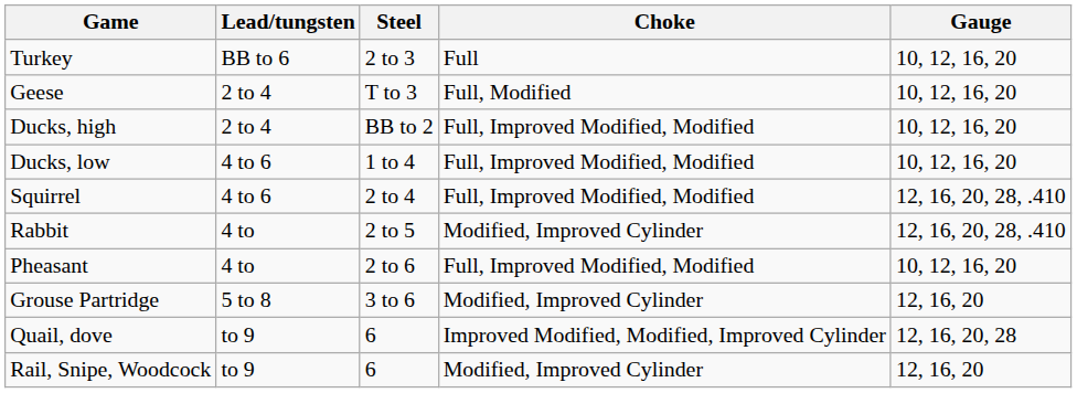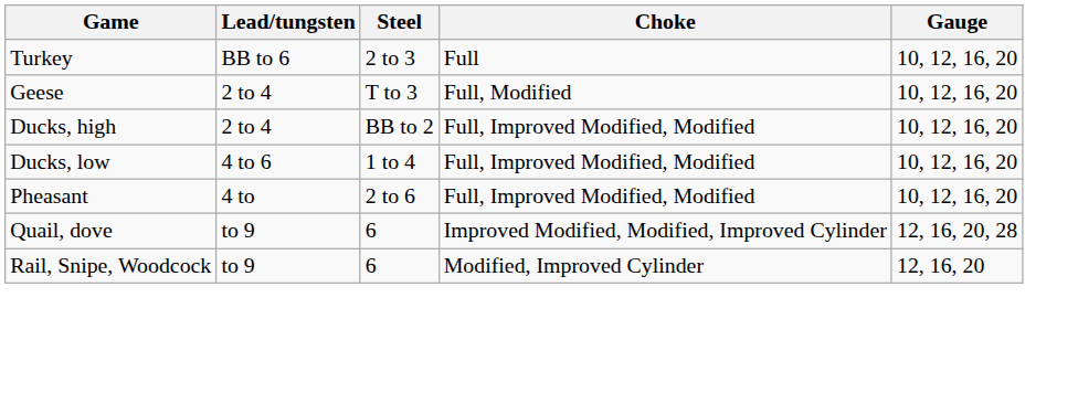 <table class="wikitable sortable">
 <tr>
 <th>Game</th>
 <th>Lead/tungsten</th>
 <th>Steel</th>
 <th>Choke</th>
 <th>Gauge</th>
 </tr>
 <tr>
 <td>Turkey</td>
 <td>BB to 6</td>
 <td>2 to 3</td>
 <td>Full</td>
 <td>10, 12, 16, 20</td>
 </tr>
 <tr>
 <td>Geese</td>
 <td>2 to 4</td>
 <td>T to 3</td>
 <td>Full, Modified</td>
 <td>10, 12, 16, 20</td>
 </tr>
 <tr>
 <td>Ducks, high</td>
 <td>2 to 4</td>
 <td>BB to 2</td>
 <td>Full, Improved Modified, Modified</td>
 <td>10, 12, 16, 20</td>
 </tr>
 <tr>
 <td>Ducks, low</td>
 <td>4 to 6</td>
 <td>1 to 4</td>
 <td>Full, Improved Modified, Modified</td>
 <td>10, 12, 16, 20</td>
 </tr>
 <tr>
-<td>Squirrel</td>
-<td>4 to 6</td>
-<td>2 to 4</td>
-<td>Full, Improved Modified, Modified</td>
-<td>12, 16, 20, 28, .410</td>
-</tr>
-<tr>
-<td>Rabbit</td>
-<td>4 to </td>
-<td>2 to 5</td>
-<td>Modified, Improved Cylinder</td>
-<td>12, 16, 20, 28, .410</td>
-</tr>
-<tr>
 <td>Pheasant</td>
 <td>4 to </td>
 <td>2 to 6</td>
 <td>Full, Improved Modified, Modified</td>
 <td>10, 12, 16, 20</td>
-</tr>
-<tr>
-<td>Grouse Partridge</td>
-<td>5 to 8</td>
-<td>3 to 6</td>
-<td>Modified, Improved Cylinder</td>
-<td>12, 16, 20</td>
 </tr>
 <tr>
 <td>Quail, dove</td>
 <td> to 9</td>
 <td>6</td>
 <td>Improved Modified, Modified, Improved Cylinder</td>
 <td>12, 16, 20, 28</td>
 </tr>
 <tr>
 <td>Rail, Snipe, Woodcock</td>
 <td> to 9</td>
 <td>6</td>
 <td>Modified, Improved Cylinder</td>
 <td>12, 16, 20</td>
 </tr>
 </table>
